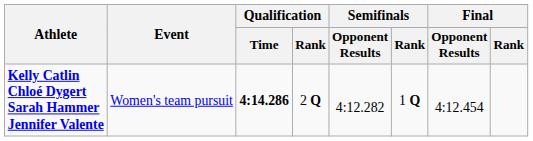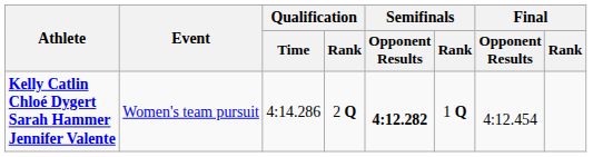 <table class=wikitable style=font-size:90%;text-align:center>
 <tr>
 <th rowspan=2>Athlete</th>
 <th rowspan=2>Event</th>
 <th colspan=2>Qualification</th>
 <th colspan=2>Semifinals</th>
 <th colspan=2>Final</th>
 </tr>
 <tr style=font-size:95%>
 <th>Time</th>
 <th>Rank</th>
 <th>Opponent<br>Results</th>
 <th>Rank</th>
 <th>Opponent<br>Results</th>
 <th>Rank</th>
 </tr>
 <tr>
 <td align=left><strong><a href='#'>Kelly Catlin</a><br><a href='#'>Chloé Dygert</a><br><a href='#'>Sarah Hammer</a><br><a href='#'>Jennifer Valente</a></strong></td>
 <td align=left><a href='#'>Women's team pursuit</a></td>
-<td><strong>4:14.286</strong></td>
+<td>4:14.286</td>
 <td>2 <strong>Q</strong></td>
-<td><br>4:12.282 </td>
+<td><strong><br>4:12.282 </strong></td>
 <td>1 <strong>Q</strong></td>
 <td><br>4:12.454</td>
 <td></td>
 </tr>
 </table>
